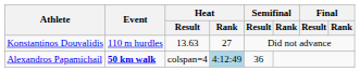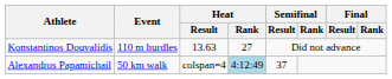 <table class="wikitable" style="font-size:90%">
 <tr>
 <th rowspan="2">Athlete</th>
 <th rowspan="2">Event</th>
 <th colspan="2">Heat</th>
 <th colspan="2">Semifinal</th>
 <th colspan="2">Final</th>
 </tr>
 <tr style="font-size:95%">
 <th>Result</th>
 <th>Rank</th>
 <th>Result</th>
 <th>Rank</th>
 <th>Result</th>
 <th>Rank</th>
 </tr>
 <tr align="center">
 <td align="left"><a href='#'>Konstantinos Douvalidis</a></td>
 <td align="left"><a href='#'>110 m hurdles</a></td>
 <td>13.63</td>
 <td>27</td>
 <td colspan=4>Did not advance</td>
 </tr>
 <tr align="center">
 <td align="left"><a href='#'>Alexandros Papamichail</a></td>
-<td align="left"><strong><a href='#'>50 km walk</a></strong></td>
+<td align="left"><a href='#'>50 km walk</a></td>
 <td>colspan=4 </td>
 <td style="background: lightblue;">4:12:49</td>
-<td>36</td>
+<td>37</td>
 </tr>
 </table>
